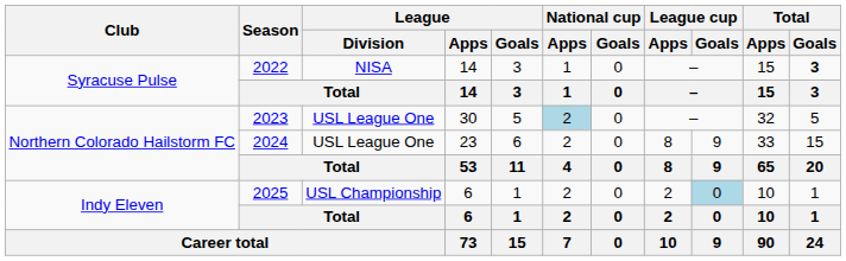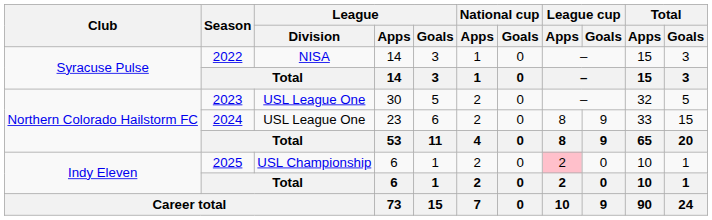 <table class="wikitable" style="text-align:center">
 <tr>
 <th rowspan="2">Club</th>
 <th rowspan="2">Season</th>
 <th colspan="3">League</th>
 <th colspan="2">National cup</th>
 <th colspan="2">League cup</th>
 <th colspan="2">Total</th>
 </tr>
 <tr>
 <th>Division</th>
 <th>Apps</th>
 <th>Goals</th>
 <th>Apps</th>
 <th>Goals</th>
 <th>Apps</th>
 <th>Goals</th>
 <th>Apps</th>
 <th>Goals</th>
 </tr>
 <tr>
 <td rowspan="2"><a href='#'>Syracuse Pulse</a></td>
 <td><a href='#'>2022</a></td>
 <td><a href='#'>NISA</a></td>
 <td>14</td>
 <td>3</td>
 <td>1</td>
 <td>0</td>
 <td colspan="2">–</td>
 <td>15</td>
-<td><strong>3</strong></td>
+<td>3</td>
 </tr>
 <tr>
 <th colspan="2">Total</th>
 <th>14</th>
 <th>3</th>
 <th>1</th>
 <th>0</th>
 <th colspan="2">–</th>
 <th>15</th>
 <th>3</th>
 </tr>
 <tr>
 <td rowspan="3"><a href='#'>Northern Colorado Hailstorm FC</a></td>
 <td><a href='#'>2023</a></td>
 <td><a href='#'>USL League One</a></td>
 <td>30</td>
 <td>5</td>
-<td style="background: lightblue;">2</td>
+<td>2</td>
 <td>0</td>
 <td colspan="2">–</td>
 <td>32</td>
 <td>5</td>
 </tr>
 <tr>
 <td><a href='#'>2024</a></td>
 <td>USL League One</td>
 <td>23</td>
 <td>6</td>
 <td>2</td>
 <td>0</td>
 <td>8</td>
 <td>9</td>
 <td>33</td>
 <td>15</td>
 </tr>
 <tr>
 <th colspan="2">Total</th>
 <th>53</th>
 <th>11</th>
 <th>4</th>
 <th>0</th>
 <th>8</th>
 <th>9</th>
 <th>65</th>
 <th>20</th>
 </tr>
 <tr>
 <td rowspan="2"><a href='#'>Indy Eleven</a></td>
 <td><a href='#'>2025</a></td>
 <td><a href='#'>USL Championship</a></td>
 <td>6</td>
 <td>1</td>
 <td>2</td>
 <td>0</td>
-<td>2</td>
-<td style="background: lightblue;">0</td>
+<td style="background: pink;">2</td>
+<td>0</td>
 <td>10</td>
 <td>1</td>
 </tr>
 <tr>
 <th colspan="2">Total</th>
 <th>6</th>
 <th>1</th>
 <th>2</th>
 <th>0</th>
 <th>2</th>
 <th>0</th>
 <th>10</th>
 <th>1</th>
 </tr>
 <tr>
 <th colspan="3">Career total</th>
 <th>73</th>
 <th>15</th>
 <th>7</th>
 <th>0</th>
 <th>10</th>
 <th>9</th>
 <th>90</th>
 <th>24</th>
 </tr>
 </table>
